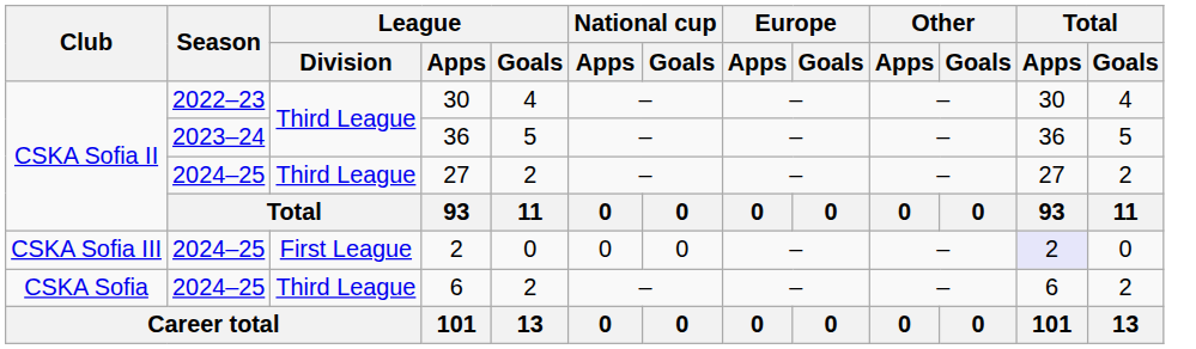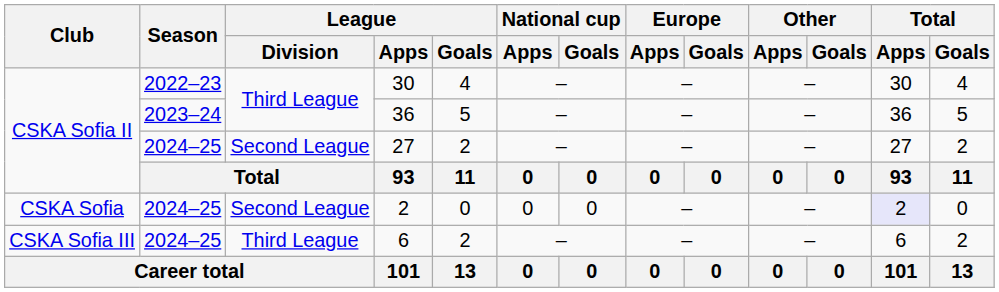 <table class="wikitable" style="text-align:center">
 <tr>
 <th rowspan="2">Club</th>
 <th rowspan="2">Season</th>
 <th colspan="3">League</th>
 <th colspan="2">National cup</th>
 <th colspan="2">Europe</th>
 <th colspan="2">Other</th>
 <th colspan="2">Total</th>
 </tr>
 <tr>
 <th>Division</th>
 <th>Apps</th>
 <th>Goals</th>
 <th>Apps</th>
 <th>Goals</th>
 <th>Apps</th>
 <th>Goals</th>
 <th>Apps</th>
 <th>Goals</th>
 <th>Apps</th>
 <th>Goals</th>
 </tr>
 <tr>
 <td align=center valign=center rowspan=4><a href='#'>CSKA Sofia II</a></td>
 <td><a href='#'>2022–23</a></td>
 <td rowspan=2><a href='#'>Third League</a></td>
 <td>30</td>
 <td>4</td>
 <td colspan="2">–</td>
 <td colspan="2">–</td>
 <td colspan="2">–</td>
 <td>30</td>
 <td>4</td>
 </tr>
 <tr>
 <td><a href='#'>2023–24</a></td>
 <td>36</td>
 <td>5</td>
 <td colspan="2">–</td>
 <td colspan="2">–</td>
 <td colspan="2">–</td>
 <td>36</td>
 <td>5</td>
 </tr>
 <tr>
 <td><a href='#'>2024–25</a></td>
-<td><a href='#'>Third League</a></td>
+<td><a href='#'>Second League</a></td>
 <td>27</td>
 <td>2</td>
 <td colspan="2">–</td>
 <td colspan="2">–</td>
 <td colspan="2">–</td>
 <td>27</td>
 <td>2</td>
 </tr>
 <tr>
 <th colspan=2>Total</th>
 <th>93</th>
 <th>11</th>
 <th>0</th>
 <th>0</th>
 <th>0</th>
 <th>0</th>
 <th>0</th>
 <th>0</th>
 <th>93</th>
 <th>11</th>
 </tr>
 <tr>
-<td align=center valign=center><a href='#'>CSKA Sofia III</a></td>
+<td align=center valign=center><a href='#'>CSKA Sofia</a></td>
 <td><a href='#'>2024–25</a></td>
-<td><a href='#'>First League</a></td>
+<td><a href='#'>Second League</a></td>
 <td>2</td>
 <td>0</td>
 <td>0</td>
 <td>0</td>
 <td colspan="2">–</td>
 <td colspan="2">–</td>
 <td style="background: lavender;">2</td>
 <td>0</td>
 </tr>
 <tr>
-<td align=center valign=center><a href='#'>CSKA Sofia</a></td>
+<td align=center valign=center><a href='#'>CSKA Sofia III</a></td>
 <td><a href='#'>2024–25</a></td>
 <td><a href='#'>Third League</a></td>
 <td>6</td>
 <td>2</td>
 <td colspan="2">–</td>
 <td colspan="2">–</td>
 <td colspan="2">–</td>
 <td>6</td>
 <td>2</td>
 </tr>
 <tr>
 <th colspan=3>Career total</th>
 <th>101</th>
 <th>13</th>
 <th>0</th>
 <th>0</th>
 <th>0</th>
 <th>0</th>
 <th>0</th>
 <th>0</th>
 <th>101</th>
 <th>13</th>
 </tr>
 </table>
